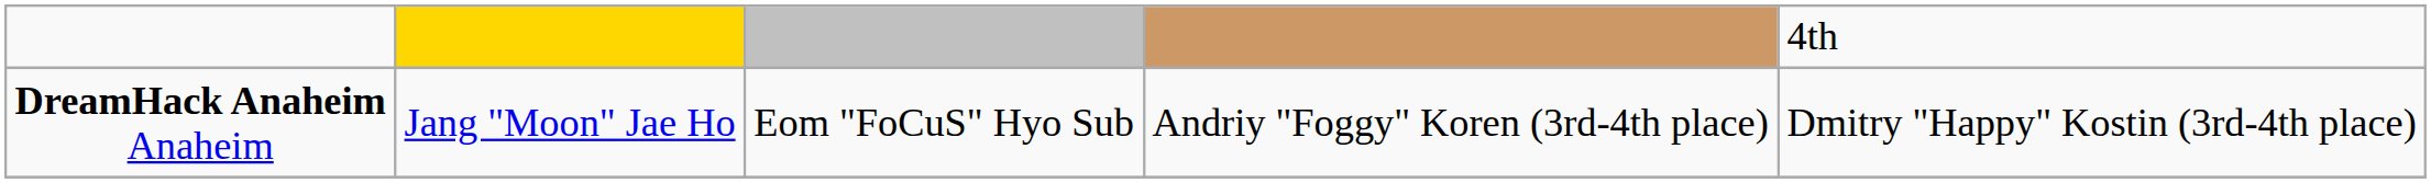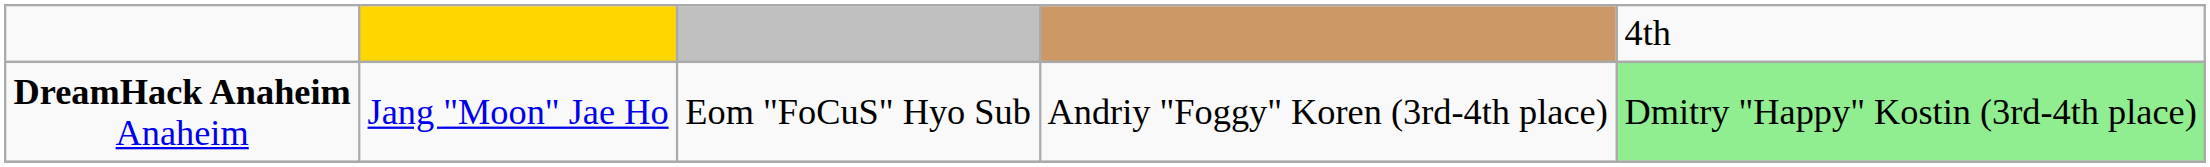 <table class="wikitable" style="text-align:left">
 <tr>
 <td style="text-align:center"></td>
 <td style="text-align:center; background:gold;"></td>
 <td style="text-align:center; background:silver;"></td>
 <td style="text-align:center; background:#c96;"></td>
 <td>4th</td>
 </tr>
 <tr>
 </tr>
 <tr>
 <td style="text-align:center"><strong>DreamHack Anaheim</strong><br> <a href='#'>Anaheim</a></td>
 <td> <a href='#'>Jang "Moon" Jae Ho</a></td>
 <td> Eom "FoCuS" Hyo Sub</td>
 <td> Andriy "Foggy" Koren (3rd-4th place)</td>
-<td> Dmitry "Happy" Kostin (3rd-4th place)</td>
+<td style="background: lightgreen;"> Dmitry "Happy" Kostin (3rd-4th place)</td>
 </tr>
 <tr>
 </tr>
 </table>
